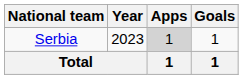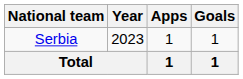 <table class="wikitable" style="text-align:center">
 <tr>
 <th>National team</th>
 <th>Year</th>
 <th>Apps</th>
 <th>Goals</th>
 </tr>
 <tr>
 <td rowspan="1"><a href='#'>Serbia</a></td>
 <td>2023</td>
-<td style="background: lightgrey;">1</td>
+<td>1</td>
 <td>1</td>
 </tr>
 <tr>
 <th colspan="2">Total</th>
 <th>1</th>
 <th>1</th>
 </tr>
 </table>
